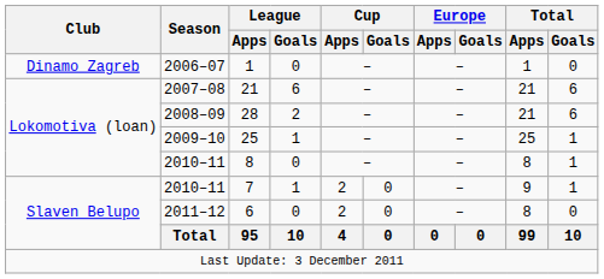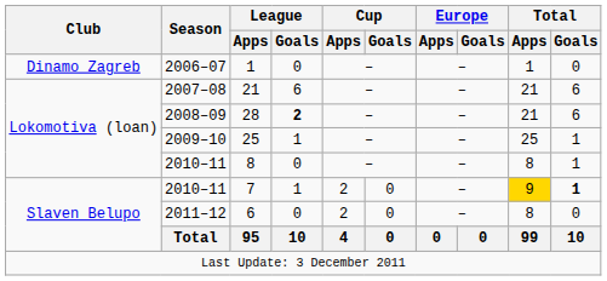 <table class="wikitable" style="font-size:90%; text-align: center">
 <tr>
 <th rowspan="2">Club</th>
 <th rowspan="2">Season</th>
 <th colspan="2">League</th>
 <th colspan="2">Cup</th>
 <th colspan="2"><a href='#'>Europe</a></th>
 <th colspan="2">Total</th>
 </tr>
 <tr>
 <th>Apps</th>
 <th>Goals</th>
 <th>Apps</th>
 <th>Goals</th>
 <th>Apps</th>
 <th>Goals</th>
 <th>Apps</th>
 <th>Goals</th>
 </tr>
 <tr>
 <td rowspan="1" valign="center"><a href='#'>Dinamo Zagreb</a></td>
 <td>2006–07</td>
 <td>1</td>
 <td>0</td>
 <td colspan="2">–</td>
 <td colspan="2">–</td>
 <td>1</td>
 <td>0</td>
 </tr>
 <tr>
 <td rowspan="4" valign="center"><a href='#'>Lokomotiva</a> (loan)</td>
 <td>2007–08</td>
 <td>21</td>
 <td>6</td>
 <td colspan="2">–</td>
 <td colspan="2">–</td>
 <td>21</td>
 <td>6</td>
 </tr>
 <tr>
 <td>2008–09</td>
 <td>28</td>
-<td>2</td>
+<td><strong>2</strong></td>
 <td colspan="2">–</td>
 <td colspan="2">–</td>
 <td>21</td>
 <td>6</td>
 </tr>
 <tr>
 <td>2009–10</td>
 <td>25</td>
 <td>1</td>
 <td colspan="2">–</td>
 <td colspan="2">–</td>
 <td>25</td>
 <td>1</td>
 </tr>
 <tr>
 <td>2010–11</td>
 <td>8</td>
 <td>0</td>
 <td colspan="2">–</td>
 <td colspan="2">–</td>
 <td>8</td>
 <td>1</td>
 </tr>
 <tr>
 <td rowspan="3" valign="center"><a href='#'>Slaven Belupo</a></td>
 <td>2010–11</td>
 <td>7</td>
 <td>1</td>
 <td>2</td>
 <td>0</td>
 <td colspan="2">–</td>
-<td>9</td>
-<td>1</td>
+<td style="background: gold;">9</td>
+<td><strong>1</strong></td>
 </tr>
 <tr>
 <td>2011–12</td>
 <td>6</td>
 <td>0</td>
 <td>2</td>
 <td>0</td>
 <td colspan="2">–</td>
 <td>8</td>
 <td>0</td>
 </tr>
 <tr>
 <th>Total</th>
 <th>95</th>
 <th>10</th>
 <th>4</th>
 <th>0</th>
 <th>0</th>
 <th>0</th>
 <th>99</th>
 <th>10</th>
 </tr>
 <tr>
 <td colspan="10"><small>Last Update: 3 December 2011</small></td>
 </tr>
 </table>
